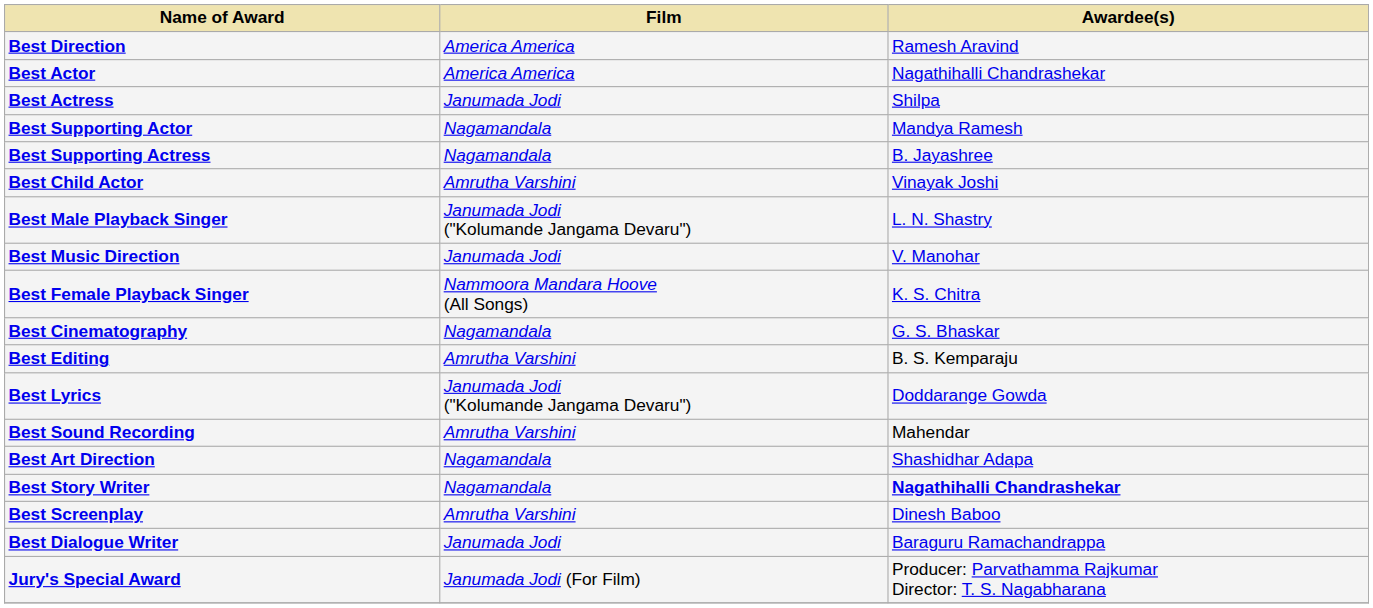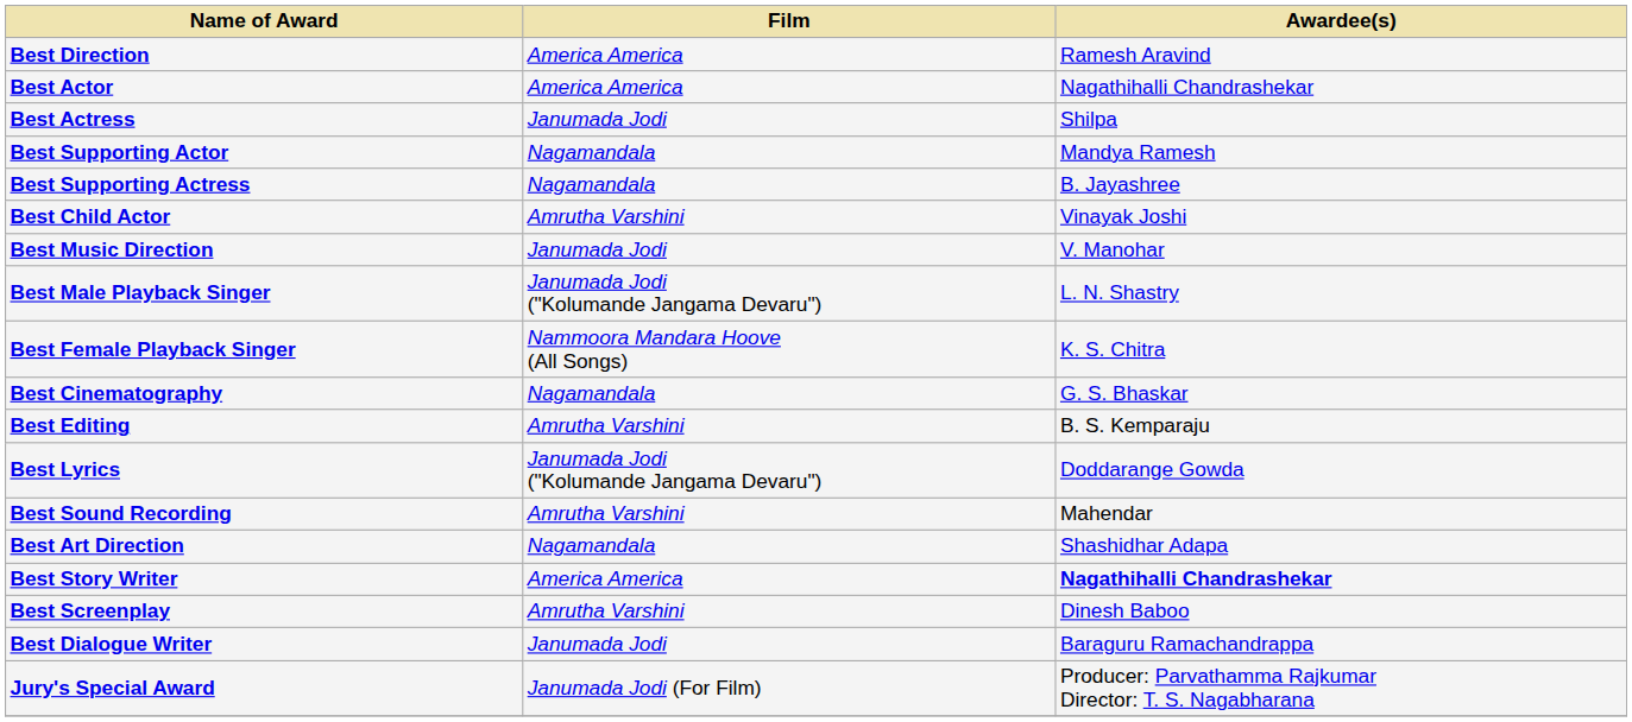 <table class="wikitable" style="width:100%;">
 <tr>
 <th style="background-color:#EFE4B0;">Name of Award</th>
 <th style="background-color:#EFE4B0;">Film</th>
 <th style="background-color:#EFE4B0;">Awardee(s)</th>
 </tr>
 <tr style="background-color:#F4F4F4">
 <td><strong><a href='#'>Best Direction</a></strong></td>
 <td><em><a href='#'>America America</a></em></td>
 <td><a href='#'>Ramesh Aravind</a></td>
 </tr>
 <tr style="background-color:#F4F4F4">
 <td><strong><a href='#'>Best Actor</a></strong></td>
 <td><em><a href='#'>America America</a></em></td>
 <td><a href='#'>Nagathihalli Chandrashekar</a></td>
 </tr>
 <tr style="background-color:#F4F4F4">
 <td><strong><a href='#'>Best Actress</a></strong></td>
 <td><em><a href='#'>Janumada Jodi</a></em></td>
 <td><a href='#'>Shilpa</a></td>
 </tr>
 <tr style="background-color:#F4F4F4">
 <td><strong><a href='#'>Best Supporting Actor</a></strong></td>
 <td><em><a href='#'>Nagamandala</a></em></td>
 <td><a href='#'>Mandya Ramesh</a></td>
 </tr>
 <tr style="background-color:#F4F4F4">
 <td><strong><a href='#'>Best Supporting Actress</a></strong></td>
 <td><em><a href='#'>Nagamandala</a></em></td>
 <td><a href='#'>B. Jayashree</a></td>
 </tr>
 <tr style="background-color:#F4F4F4">
 <td><strong><a href='#'>Best Child Actor</a></strong></td>
 <td><em><a href='#'>Amrutha Varshini</a></em></td>
 <td><a href='#'>Vinayak Joshi</a></td>
 </tr>
 <tr style="background-color:#F4F4F4">
+<td><strong><a href='#'>Best Music Direction</a></strong></td>
+<td><em><a href='#'>Janumada Jodi</a></em></td>
+<td><a href='#'>V. Manohar</a></td>
+</tr>
+<tr style="background-color:#F4F4F4">
 <td><strong><a href='#'>Best Male Playback Singer</a></strong></td>
 <td><em><a href='#'>Janumada Jodi</a></em><br>("Kolumande Jangama Devaru")</td>
 <td><a href='#'>L. N. Shastry</a></td>
-</tr>
-<tr style="background-color:#F4F4F4">
-<td><strong><a href='#'>Best Music Direction</a></strong></td>
-<td><em><a href='#'>Janumada Jodi</a></em></td>
-<td><a href='#'>V. Manohar</a></td>
 </tr>
 <tr style="background-color:#F4F4F4">
 <td><strong><a href='#'>Best Female Playback Singer</a></strong></td>
 <td><em><a href='#'>Nammoora Mandara Hoove</a></em><br>(All Songs)</td>
 <td><a href='#'>K. S. Chitra</a></td>
 </tr>
 <tr style="background-color:#F4F4F4">
 <td><strong><a href='#'>Best Cinematography</a></strong></td>
 <td><em><a href='#'>Nagamandala</a></em></td>
 <td><a href='#'>G. S. Bhaskar</a></td>
 </tr>
 <tr style="background-color:#F4F4F4">
 <td><strong><a href='#'>Best Editing</a></strong></td>
 <td><em><a href='#'>Amrutha Varshini</a></em></td>
 <td>B. S. Kemparaju</td>
 </tr>
 <tr style="background-color:#F4F4F4">
 <td><strong><a href='#'>Best Lyrics</a></strong></td>
 <td><em><a href='#'>Janumada Jodi</a></em><br>("Kolumande Jangama Devaru")</td>
 <td><a href='#'>Doddarange Gowda</a></td>
 </tr>
 <tr style="background-color:#F4F4F4">
 <td><strong><a href='#'>Best Sound Recording</a></strong></td>
 <td><em><a href='#'>Amrutha Varshini</a></em></td>
 <td>Mahendar</td>
 </tr>
 <tr style="background-color:#F4F4F4">
 <td><strong><a href='#'>Best Art Direction</a></strong></td>
 <td><em><a href='#'>Nagamandala</a></em></td>
 <td><a href='#'>Shashidhar Adapa</a></td>
 </tr>
 <tr style="background-color:#F4F4F4">
 <td><strong><a href='#'>Best Story Writer</a></strong></td>
-<td><em><a href='#'>Nagamandala</a></em></td>
+<td><em><a href='#'>America America</a></em></td>
 <td><strong><a href='#'>Nagathihalli Chandrashekar</a></strong></td>
 </tr>
 <tr style="background-color:#F4F4F4">
 <td><strong><a href='#'>Best Screenplay</a></strong></td>
 <td><em><a href='#'>Amrutha Varshini</a></em></td>
 <td><a href='#'>Dinesh Baboo</a></td>
 </tr>
 <tr style="background-color:#F4F4F4">
 <td><strong><a href='#'>Best Dialogue Writer</a></strong></td>
 <td><em><a href='#'>Janumada Jodi</a></em></td>
 <td><a href='#'>Baraguru Ramachandrappa</a></td>
 </tr>
 <tr style="background-color:#F4F4F4">
 <td><strong><a href='#'>Jury's Special Award</a></strong></td>
 <td><em><a href='#'>Janumada Jodi</a></em> (For Film)</td>
 <td>Producer: <a href='#'>Parvathamma Rajkumar</a><br>Director: <a href='#'>T. S. Nagabharana</a></td>
 </tr>
 <tr style="background-color:#F4F4F4">
 </tr>
 </table>
